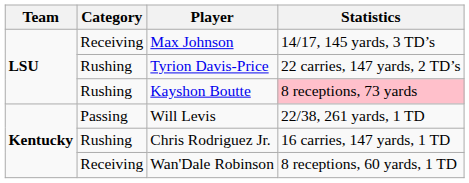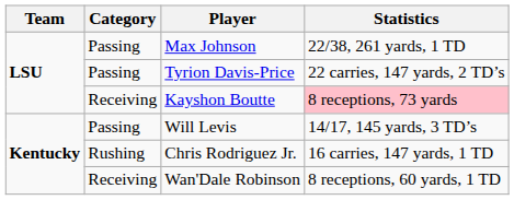 <table class="wikitable" style="float: right;">
 <tr>
 <th>Team</th>
 <th>Category</th>
 <th>Player</th>
 <th>Statistics</th>
 </tr>
 <tr>
 <td rowspan=3><strong>LSU</strong></td>
-<td>Receiving</td>
+<td>Passing</td>
 <td><a href='#'>Max Johnson</a></td>
-<td>14/17, 145 yards, 3 TD’s</td>
+<td>22/38, 261 yards, 1 TD</td>
 </tr>
 <tr>
-<td>Rushing</td>
+<td>Passing</td>
 <td><a href='#'>Tyrion Davis-Price</a></td>
 <td>22 carries, 147 yards, 2 TD’s</td>
 </tr>
 <tr>
-<td>Rushing</td>
+<td>Receiving</td>
 <td><a href='#'>Kayshon Boutte</a></td>
 <td style="background: pink;">8 receptions, 73 yards</td>
 </tr>
 <tr>
 <td rowspan=3><strong>Kentucky</strong></td>
 <td>Passing</td>
 <td>Will Levis</td>
-<td>22/38, 261 yards, 1 TD</td>
+<td>14/17, 145 yards, 3 TD’s</td>
 </tr>
 <tr>
 <td>Rushing</td>
 <td>Chris Rodriguez Jr.</td>
 <td>16 carries, 147 yards, 1 TD</td>
 </tr>
 <tr>
 <td>Receiving</td>
 <td>Wan'Dale Robinson</td>
 <td>8 receptions, 60 yards, 1 TD</td>
 </tr>
 </table>
